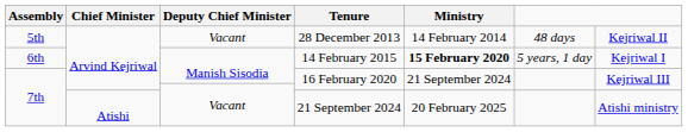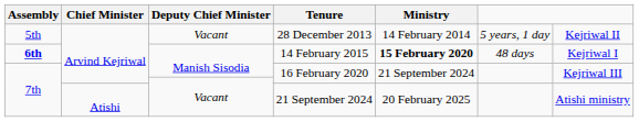 <table class="wikitable sortable" style="text-align:center;">
 <tr>
 <th Style="background-color:">Assembly</th>
 <th Style="background-color:">Chief Minister</th>
 <th Style="background-color:">Deputy Chief Minister</th>
 <th Style="background-color:">Tenure</th>
 <th Style="background-color:">Ministry</th>
 </tr>
 <tr>
 <td><a href='#'>5th</a></td>
 <td rowspan="4"><br><a href='#'>Arvind Kejriwal</a></td>
 <td><em>Vacant</em></td>
 <td>28 December 2013</td>
 <td>14 February 2014</td>
-<td><em>48 days</em></td>
+<td><em>5 years, 1 day</em></td>
 <td><a href='#'>Kejriwal II</a></td>
 </tr>
 <tr>
-<td><a href='#'>6th</a></td>
+<td><strong><a href='#'>6th</a></strong></td>
 <td rowspan="2"><br><a href='#'>Manish Sisodia</a><br></td>
 <td>14 February 2015</td>
 <td><strong>15 February 2020</strong></td>
-<td><em>5 years, 1 day</em></td>
+<td><em>48 days</em></td>
 <td><a href='#'>Kejriwal I</a></td>
 </tr>
 <tr>
 <td rowspan="3"><a href='#'>7th</a></td>
 <td rowspan="2">16 February 2020</td>
 <td rowspan="2">21 September 2024</td>
 <td rowspan="2"></td>
 <td rowspan="2"><a href='#'>Kejriwal III</a></td>
 </tr>
 <tr>
 <td rowspan="2"><em>Vacant </em></td>
 </tr>
 <tr>
 <td><br><a href='#'>Atishi</a></td>
 <td>21 September 2024</td>
 <td>20 February 2025</td>
 <td></td>
 <td><a href='#'>Atishi ministry</a></td>
 </tr>
 </table>
